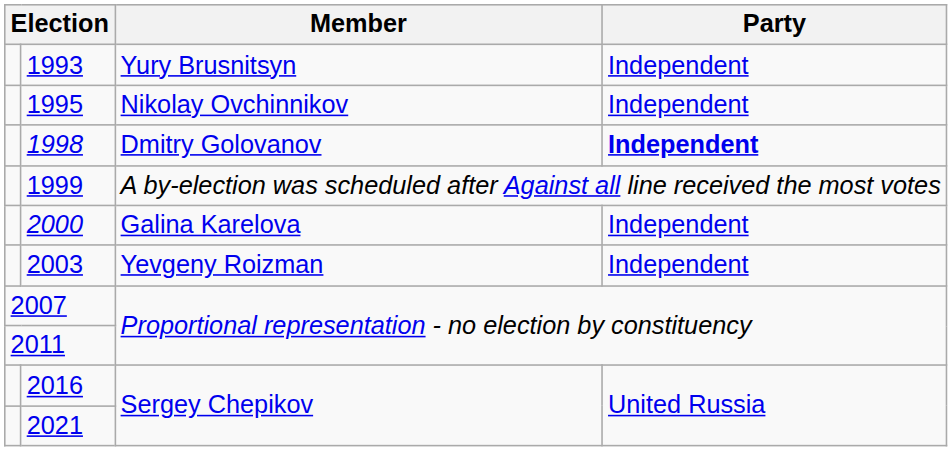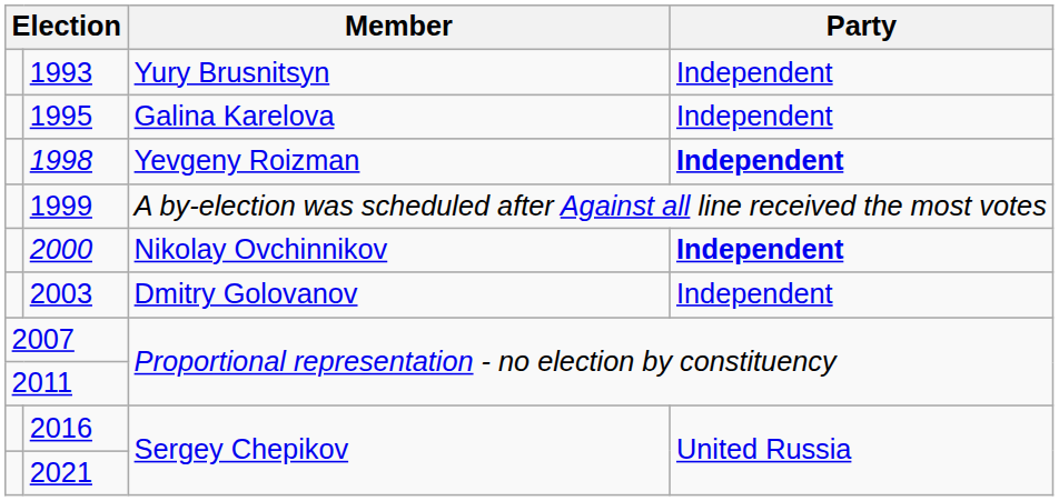 <table class="wikitable">
 <tr>
 <th colspan="2">Election</th>
 <th>Member</th>
 <th>Party</th>
 </tr>
 <tr>
 <td style="background-color:"></td>
 <td><a href='#'>1993</a></td>
 <td><a href='#'>Yury Brusnitsyn</a></td>
 <td><a href='#'>Independent</a></td>
 </tr>
 <tr>
 <td style="background-color:"></td>
 <td><a href='#'>1995</a></td>
-<td><a href='#'>Nikolay Ovchinnikov</a></td>
+<td><a href='#'>Galina Karelova</a></td>
 <td><a href='#'>Independent</a></td>
 </tr>
 <tr>
 <td style="background-color:"></td>
 <td><em><a href='#'>1998</a></em></td>
-<td><a href='#'>Dmitry Golovanov</a></td>
+<td><a href='#'>Yevgeny Roizman</a></td>
 <td><strong><a href='#'>Independent</a></strong></td>
 </tr>
 <tr>
 <td style="background-color:"></td>
 <td><a href='#'>1999</a></td>
 <td colspan=2><em>A by-election was scheduled after <a href='#'>Against all</a> line received the most votes</em></td>
 </tr>
 <tr>
 <td style="background-color:"></td>
 <td><em><a href='#'>2000</a></em></td>
-<td><a href='#'>Galina Karelova</a></td>
-<td><a href='#'>Independent</a></td>
+<td><a href='#'>Nikolay Ovchinnikov</a></td>
+<td><strong><a href='#'>Independent</a></strong></td>
 </tr>
 <tr>
 <td style="background-color:"></td>
 <td><a href='#'>2003</a></td>
-<td><a href='#'>Yevgeny Roizman</a></td>
+<td><a href='#'>Dmitry Golovanov</a></td>
 <td><a href='#'>Independent</a></td>
 </tr>
 <tr>
 <td colspan=2><a href='#'>2007</a></td>
 <td colspan=2 rowspan=2><em><a href='#'>Proportional representation</a> - no election by constituency</em></td>
 </tr>
 <tr>
 <td colspan=2><a href='#'>2011</a></td>
 </tr>
 <tr>
 <td style="background-color: "></td>
 <td><a href='#'>2016</a></td>
 <td rowspan=2><a href='#'>Sergey Chepikov</a></td>
 <td rowspan=2><a href='#'>United Russia</a></td>
 </tr>
 <tr>
 <td style="background-color: "></td>
 <td><a href='#'>2021</a></td>
 </tr>
 </table>
